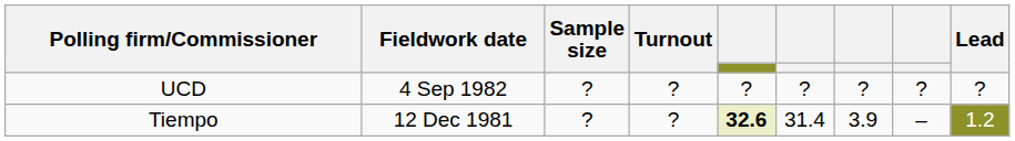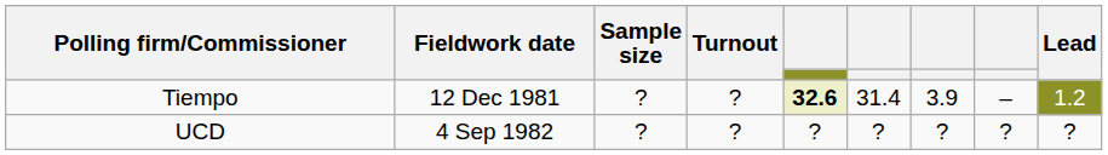 <table class="wikitable collapsible collapsed" style="text-align:center; font-size:95%; line-height:16px;">
 <tr style="height:42px;">
 <th style="width:250px;" rowspan="2">Polling firm/Commissioner</th>
 <th style="width:125px;" rowspan="2">Fieldwork date</th>
 <th style="width:50px;" rowspan="2">Sample size</th>
 <th style="width:45px;" rowspan="2">Turnout</th>
 <th style="width:35px;"> </th>
 <th style="width:35px;"></th>
 <th style="width:35px;"></th>
 <th style="width:35px;"></th>
 <th style="width:30px;" rowspan="2">Lead</th>
 </tr>
 <tr>
 <th style="color:inherit;background:#8C9228;"></th>
 <th style="color:inherit;background:"></th>
 <th style="color:inherit;background:"></th>
 <th style="color:inherit;background:"></th>
 </tr>
 <tr>
+<td>Tiempo</td>
+<td>12 Dec 1981</td>
+<td>?</td>
+<td>?</td>
+<td style="background:#EEF0CA"><strong>32.6</strong><br></td>
+<td>31.4<br></td>
+<td>3.9<br></td>
+<td>–</td>
+<td style="background:#8C9228; color:white;">1.2</td>
+</tr>
+<tr>
 <td>UCD</td>
 <td>4 Sep 1982</td>
 <td>?</td>
 <td>?</td>
 <td>?<br></td>
 <td>?<br></td>
 <td>?<br></td>
 <td>?<br></td>
 <td style="background:">?</td>
 </tr>
-<tr>
-<td>Tiempo</td>
-<td>12 Dec 1981</td>
-<td>?</td>
-<td>?</td>
-<td style="background:#EEF0CA"><strong>32.6</strong><br></td>
-<td>31.4<br></td>
-<td>3.9<br></td>
-<td>–</td>
-<td style="background:#8C9228; color:white;">1.2</td>
-</tr>
 </table>
